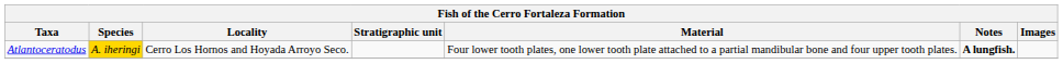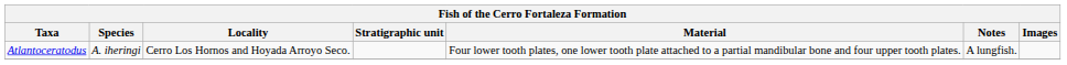 <table class="wikitable">
 <tr>
 <th colspan="7">Fish of the Cerro Fortaleza Formation</th>
 </tr>
 <tr>
 <th>Taxa</th>
 <th>Species</th>
 <th>Locality</th>
 <th>Stratigraphic unit</th>
 <th>Material</th>
 <th>Notes</th>
 <th>Images</th>
 </tr>
 <tr>
 <td><em><a href='#'>Atlantoceratodus</a></em></td>
-<td style="background: gold;"><em>A. iheringi</em></td>
+<td><em>A. iheringi</em></td>
 <td>Cerro Los Hornos and Hoyada Arroyo Seco.</td>
 <td></td>
 <td>Four lower tooth plates, one lower tooth plate attached to a partial mandibular bone and four upper tooth plates.</td>
-<td><strong>A lungfish.</strong></td>
+<td>A lungfish.</td>
 <td></td>
 </tr>
 <tr>
 </tr>
 </table>
